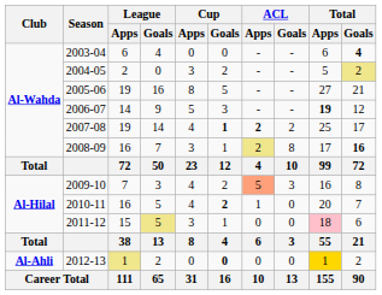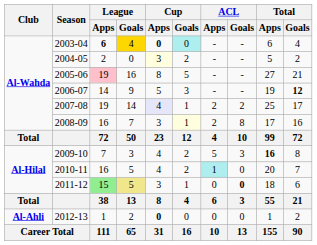 <table class="wikitable" style="text-align: center;">
 <tr>
 <th rowspan="2">Club</th>
 <th rowspan="2">Season</th>
 <th colspan="2">League</th>
 <th colspan="2">Cup</th>
 <th colspan="2"><a href='#'>ACL</a></th>
 <th colspan="2">Total</th>
 </tr>
 <tr>
 <th>Apps</th>
 <th>Goals</th>
 <th>Apps</th>
 <th>Goals</th>
 <th>Apps</th>
 <th>Goals</th>
 <th>Apps</th>
 <th>Goals</th>
 </tr>
 <tr>
 <td rowspan="6" valign="center"><strong><a href='#'>Al-Wahda</a></strong></td>
 <td>2003-04</td>
-<td>6</td>
-<td>4</td>
-<td>0</td>
-<td>0</td>
+<td><strong>6</strong></td>
+<td style="background: gold;">4</td>
+<td><strong>0</strong></td>
+<td style="background: paleturquoise;">0</td>
 <td>-</td>
 <td>-</td>
 <td>6</td>
-<td><strong>4</strong></td>
+<td>4</td>
 </tr>
 <tr>
 <td>2004-05</td>
 <td>2</td>
 <td>0</td>
-<td>3</td>
+<td style="background: lightyellow;">3</td>
 <td>2</td>
 <td>-</td>
 <td>-</td>
 <td>5</td>
-<td style="background: khaki;">2</td>
+<td>2</td>
 </tr>
 <tr>
 <td>2005-06</td>
-<td>19</td>
+<td style="background: pink;">19</td>
 <td>16</td>
 <td>8</td>
 <td>5</td>
 <td>-</td>
 <td>-</td>
 <td>27</td>
 <td>21</td>
 </tr>
 <tr>
 <td>2006-07</td>
 <td>14</td>
 <td>9</td>
 <td>5</td>
 <td>3</td>
 <td>-</td>
 <td>-</td>
-<td><strong>19</strong></td>
-<td>12</td>
+<td>19</td>
+<td><strong>12</strong></td>
 </tr>
 <tr>
 <td>2007-08</td>
 <td>19</td>
 <td>14</td>
-<td>4</td>
-<td><strong>1</strong></td>
-<td><strong>2</strong></td>
+<td style="background: lavender;">4</td>
+<td>1</td>
+<td>2</td>
 <td>2</td>
 <td>25</td>
 <td>17</td>
 </tr>
 <tr>
 <td>2008-09</td>
 <td>16</td>
 <td>7</td>
 <td>3</td>
-<td>1</td>
-<td style="background: khaki;">2</td>
+<td style="background: lightyellow;">1</td>
+<td>2</td>
 <td>8</td>
 <td>17</td>
-<td><strong>16</strong></td>
+<td>16</td>
 </tr>
 <tr>
 <th>Total</th>
 <th></th>
 <th>72</th>
 <th>50</th>
 <th>23</th>
 <th>12</th>
 <th>4</th>
 <th>10</th>
 <th>99</th>
 <th>72</th>
 </tr>
 <tr>
 <td rowspan="3" valign="center"><strong><a href='#'>Al-Hilal</a></strong></td>
 <td>2009-10</td>
 <td>7</td>
 <td>3</td>
 <td>4</td>
 <td>2</td>
-<td style="background: lightsalmon;">5</td>
+<td>5</td>
 <td>3</td>
-<td>16</td>
+<td><strong>16</strong></td>
 <td>8</td>
 </tr>
 <tr>
 <td>2010-11</td>
 <td>16</td>
 <td>5</td>
 <td>4</td>
-<td><strong>2</strong></td>
-<td>1</td>
+<td>2</td>
+<td style="background: paleturquoise;">1</td>
 <td>0</td>
 <td>20</td>
 <td>7</td>
 </tr>
 <tr>
 <td>2011-12</td>
-<td>15</td>
+<td style="background: lightgreen;">15</td>
 <td style="background: khaki;">5</td>
 <td>3</td>
 <td>1</td>
 <td>0</td>
-<td>0</td>
-<td style="background: pink;">18</td>
+<td><strong>0</strong></td>
+<td>18</td>
 <td>6</td>
 </tr>
 <tr>
 <th>Total</th>
 <th></th>
 <th>38</th>
 <th>13</th>
 <th>8</th>
 <th>4</th>
 <th>6</th>
 <th>3</th>
 <th>55</th>
 <th>21</th>
 </tr>
 <tr>
 <td rowspan="1" valign="center"><strong><a href='#'>Al-Ahli</a></strong></td>
 <td>2012-13</td>
-<td style="background: khaki;">1</td>
+<td>1</td>
 <td>2</td>
-<td>0</td>
 <td><strong>0</strong></td>
 <td>0</td>
 <td>0</td>
-<td style="background: gold;">1</td>
+<td>0</td>
+<td>1</td>
 <td>2</td>
 </tr>
 <tr>
 <th colspan="2">Career Total</th>
 <th>111</th>
 <th>65</th>
 <th>31</th>
 <th>16</th>
 <th>10</th>
 <th>13</th>
 <th>155</th>
 <th>90</th>
 </tr>
 </table>
